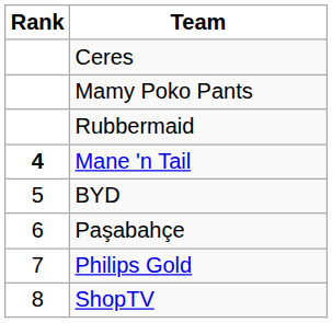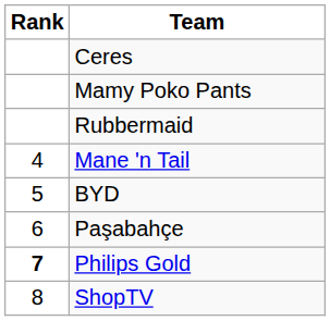 <table class="wikitable" style="text-align: center;">
 <tr>
 <th width=40 style="background:white; color:black;">Rank</th>
 <th width=180 style="background:white; color:black;">Team</th>
 </tr>
 <tr>
 <td style="background:white; color:black;"></td>
 <td style="text-align:left;"> Ceres</td>
 </tr>
 <tr>
 <td style="background:white; color:black;"></td>
 <td style="text-align:left;"> Mamy Poko Pants</td>
 </tr>
 <tr>
 <td style="background:white; color:black;"></td>
 <td style="text-align:left;"> Rubbermaid</td>
 </tr>
 <tr>
-<td style="background:white; color:black;"><strong>4</strong></td>
+<td style="background:white; color:black;">4</td>
 <td style="text-align:left;"> <a href='#'>Mane 'n Tail</a></td>
 </tr>
 <tr>
 <td style="background:white; color:black;">5</td>
 <td style="text-align:left;"> BYD</td>
 </tr>
 <tr>
 <td style="background:white; color:black;">6</td>
 <td style="text-align:left;"> Paşabahçe</td>
 </tr>
 <tr>
-<td style="background:white; color:black;">7</td>
+<td style="background:white; color:black;"><strong>7</strong></td>
 <td style="text-align:left;"> <a href='#'>Philips Gold</a></td>
 </tr>
 <tr>
 <td style="background:white; color:black;">8</td>
 <td style="text-align:left;"> <a href='#'>ShopTV</a></td>
 </tr>
 </table>
